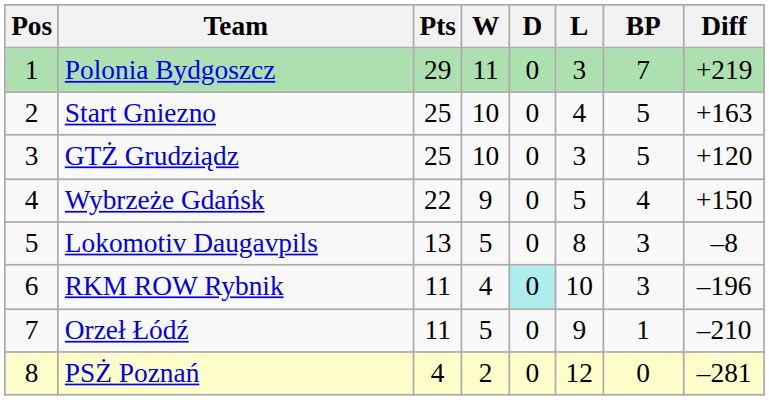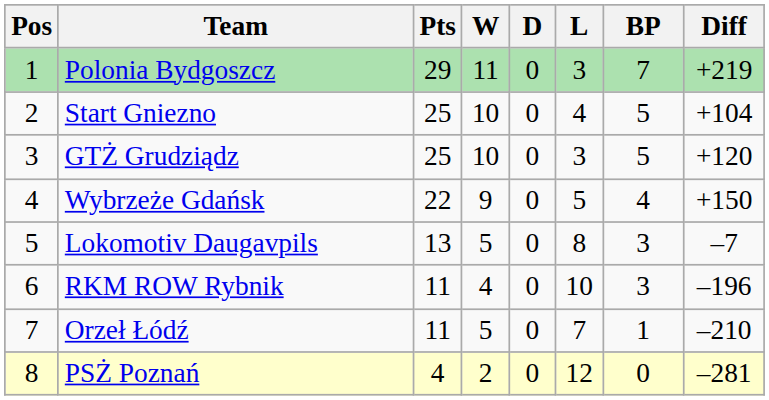 <table class="wikitable" style="font-size: 100%">
 <tr>
 <th width=20>Pos</th>
 <th width=200>Team</th>
 <th width=20>Pts</th>
 <th width=20>W</th>
 <th width=20>D</th>
 <th width=20>L</th>
 <th width=40>BP</th>
 <th width=40>Diff</th>
 </tr>
 <tr align=center style="background:#ACE1AF;">
 <td>1</td>
 <td align="left"><a href='#'>Polonia Bydgoszcz</a></td>
 <td>29</td>
 <td>11</td>
 <td>0</td>
 <td>3</td>
 <td>7</td>
 <td>+219</td>
 </tr>
 <tr align=center>
 <td>2</td>
 <td align="left"><a href='#'>Start Gniezno</a></td>
 <td>25</td>
 <td>10</td>
 <td>0</td>
 <td>4</td>
 <td>5</td>
-<td>+163</td>
+<td>+104</td>
 </tr>
 <tr align=center>
 <td>3</td>
 <td align="left"><a href='#'>GTŻ Grudziądz</a></td>
 <td>25</td>
 <td>10</td>
 <td>0</td>
 <td>3</td>
 <td>5</td>
 <td>+120</td>
 </tr>
 <tr align=center>
 <td>4</td>
 <td align="left"><a href='#'>Wybrzeże Gdańsk</a></td>
 <td>22</td>
 <td>9</td>
 <td>0</td>
 <td>5</td>
 <td>4</td>
 <td>+150</td>
 </tr>
 <tr align=center>
 <td>5</td>
 <td align="left"><a href='#'>Lokomotiv Daugavpils</a> </td>
 <td>13</td>
 <td>5</td>
 <td>0</td>
 <td>8</td>
 <td>3</td>
-<td>–8</td>
+<td>–7</td>
 </tr>
 <tr align=center>
 <td>6</td>
 <td align="left"><a href='#'>RKM ROW Rybnik</a></td>
 <td>11</td>
 <td>4</td>
-<td style="background: paleturquoise;">0</td>
+<td>0</td>
 <td>10</td>
 <td>3</td>
 <td>–196</td>
 </tr>
 <tr align=center>
 <td>7</td>
 <td align="left"><a href='#'>Orzeł Łódź</a></td>
 <td>11</td>
 <td>5</td>
 <td>0</td>
-<td>9</td>
+<td>7</td>
 <td>1</td>
 <td>–210</td>
 </tr>
 <tr align=center style="background: #ffffcc;">
 <td>8</td>
 <td align="left"><a href='#'>PSŻ Poznań</a></td>
 <td>4</td>
 <td>2</td>
 <td>0</td>
 <td>12</td>
 <td>0</td>
 <td>–281</td>
 </tr>
 </table>
